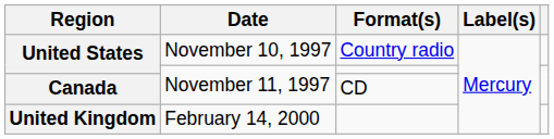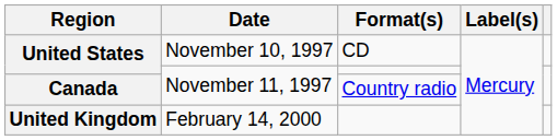 <table class="wikitable plainrowheaders">
 <tr>
 <th scope="col">Region</th>
 <th scope="col">Date</th>
 <th scope="col">Format(s)</th>
 <th scope="col">Label(s)</th>
 <th scope="col"></th>
 </tr>
 <tr>
 <th scope="row" rowspan="2">United States</th>
 <td>November 10, 1997</td>
-<td><a href='#'>Country radio</a></td>
+<td>CD</td>
 <td rowspan="4"><a href='#'>Mercury</a></td>
 <td></td>
 </tr>
 <tr>
 <td rowspan="2">November 11, 1997</td>
 <td></td>
 <td rowspan="2"></td>
 </tr>
 <tr>
 <th scope="row">Canada</th>
-<td>CD</td>
+<td><a href='#'>Country radio</a></td>
 </tr>
 <tr>
 <th scope="row">United Kingdom</th>
 <td>February 14, 2000</td>
 <td></td>
 <td></td>
 </tr>
 </table>
